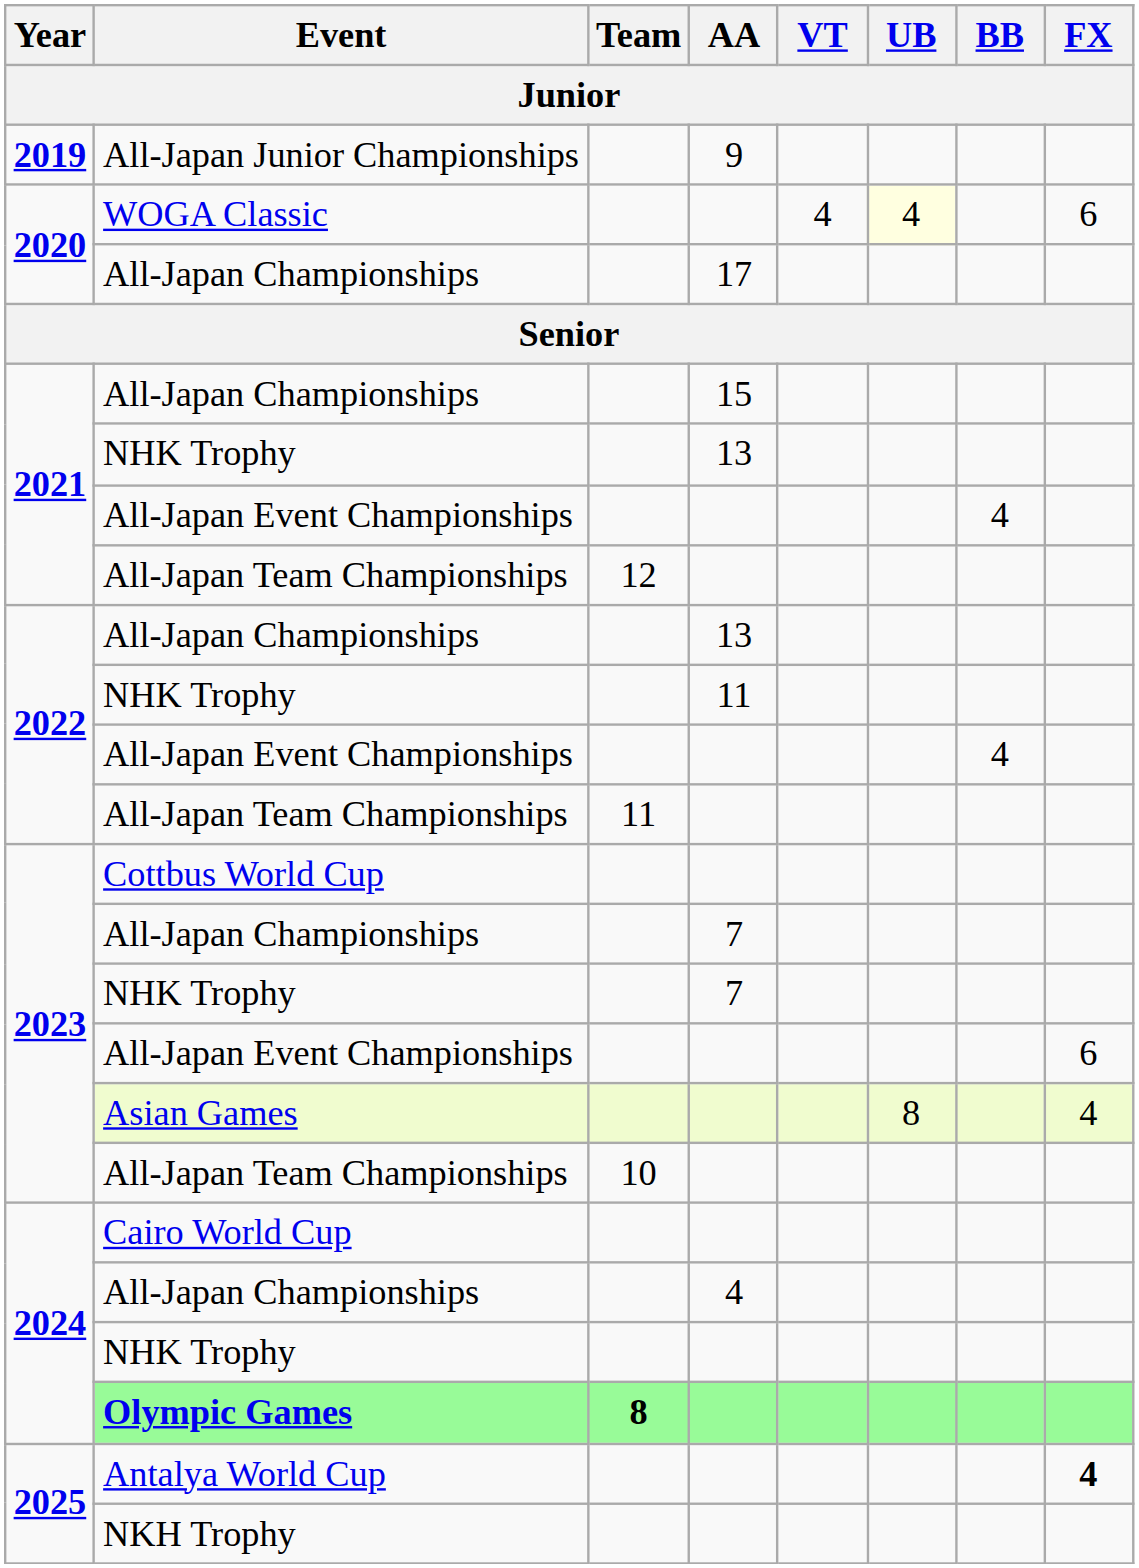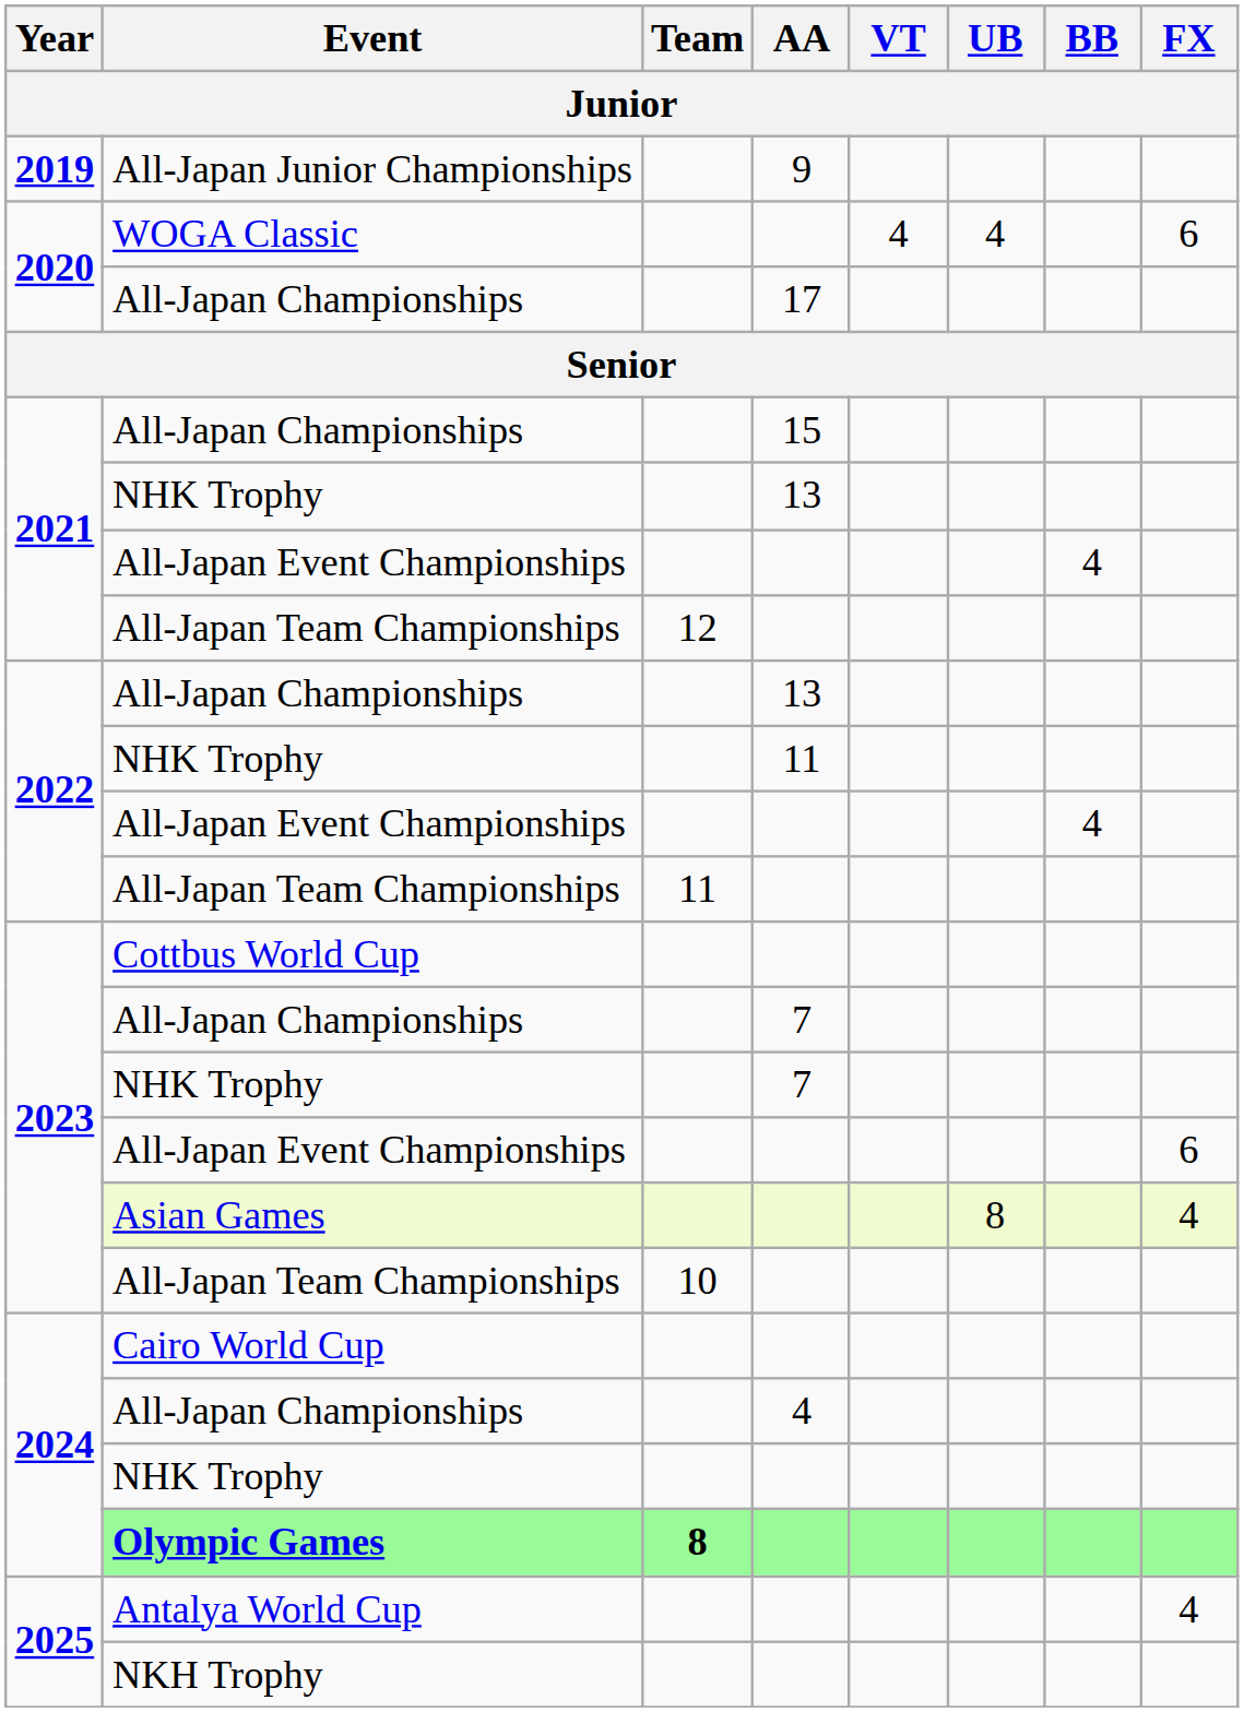 <table class="wikitable" style="text-align:center; font-size:95%;">
 <tr>
 <th align=center>Year</th>
 <th align=center>Event</th>
 <th style="width:30px;">Team</th>
 <th style="width:30px;">AA</th>
 <th style="width:30px;"><a href='#'>VT</a></th>
 <th style="width:30px;"><a href='#'>UB</a></th>
 <th style="width:30px;"><a href='#'>BB</a></th>
 <th style="width:30px;"><a href='#'>FX</a></th>
 </tr>
 <tr>
 <th colspan="8"><strong>Junior</strong></th>
 </tr>
 <tr>
 <td rowspan="1"><strong><a href='#'>2019</a></strong></td>
 <td align=left>All-Japan Junior Championships</td>
 <td></td>
 <td>9</td>
 <td></td>
 <td></td>
 <td></td>
 <td></td>
 </tr>
 <tr>
 <td rowspan="2"><strong><a href='#'>2020</a></strong></td>
 <td align=left><a href='#'>WOGA Classic</a></td>
 <td></td>
 <td></td>
 <td>4</td>
-<td style="background: lightyellow;">4</td>
+<td>4</td>
 <td></td>
 <td>6</td>
 </tr>
 <tr>
 <td align=left>All-Japan Championships</td>
 <td></td>
 <td>17</td>
 <td></td>
 <td></td>
 <td></td>
 <td></td>
 </tr>
 <tr>
 <th colspan="8"><strong>Senior</strong></th>
 </tr>
 <tr>
 <td rowspan="4"><strong><a href='#'>2021</a></strong></td>
 <td align=left>All-Japan Championships</td>
 <td></td>
 <td>15</td>
 <td></td>
 <td></td>
 <td></td>
 <td></td>
 </tr>
 <tr>
 <td align=left>NHK Trophy</td>
 <td></td>
 <td>13</td>
 <td></td>
 <td></td>
 <td></td>
 <td></td>
 </tr>
 <tr>
 <td align=left>All-Japan Event Championships</td>
 <td></td>
 <td></td>
 <td></td>
 <td></td>
 <td>4</td>
 <td></td>
 </tr>
 <tr>
 <td align=left>All-Japan Team Championships</td>
 <td>12</td>
 <td></td>
 <td></td>
 <td></td>
 <td></td>
 <td></td>
 </tr>
 <tr>
 <td rowspan="4"><strong><a href='#'>2022</a></strong></td>
 <td align=left>All-Japan Championships</td>
 <td></td>
 <td>13</td>
 <td></td>
 <td></td>
 <td></td>
 <td></td>
 </tr>
 <tr>
 <td align=left>NHK Trophy</td>
 <td></td>
 <td>11</td>
 <td></td>
 <td></td>
 <td></td>
 <td></td>
 </tr>
 <tr>
 <td align=left>All-Japan Event Championships</td>
 <td></td>
 <td></td>
 <td></td>
 <td></td>
 <td>4</td>
 <td></td>
 </tr>
 <tr>
 <td align=left>All-Japan Team Championships</td>
 <td>11</td>
 <td></td>
 <td></td>
 <td></td>
 <td></td>
 <td></td>
 </tr>
 <tr>
 <td rowspan="6"><strong><a href='#'>2023</a></strong></td>
 <td align=left><a href='#'>Cottbus World Cup</a></td>
 <td></td>
 <td></td>
 <td></td>
 <td></td>
 <td></td>
 <td></td>
 </tr>
 <tr>
 <td align=left>All-Japan Championships</td>
 <td></td>
 <td>7</td>
 <td></td>
 <td></td>
 <td></td>
 <td></td>
 </tr>
 <tr>
 <td align=left>NHK Trophy</td>
 <td></td>
 <td>7</td>
 <td></td>
 <td></td>
 <td></td>
 <td></td>
 </tr>
 <tr>
 <td align=left>All-Japan Event Championships</td>
 <td></td>
 <td></td>
 <td></td>
 <td></td>
 <td></td>
 <td>6</td>
 </tr>
 <tr bgcolor=#f0fccf>
 <td align=left><a href='#'>Asian Games</a></td>
 <td></td>
 <td></td>
 <td></td>
 <td>8</td>
 <td></td>
 <td>4</td>
 </tr>
 <tr>
 <td align=left>All-Japan Team Championships</td>
 <td>10</td>
 <td></td>
 <td></td>
 <td></td>
 <td></td>
 <td></td>
 </tr>
 <tr>
 <td rowspan="4"><strong><a href='#'>2024</a></strong></td>
 <td align=left><a href='#'>Cairo World Cup</a></td>
 <td></td>
 <td></td>
 <td></td>
 <td></td>
 <td></td>
 <td></td>
 </tr>
 <tr>
 <td align=left>All-Japan Championships</td>
 <td></td>
 <td>4</td>
 <td></td>
 <td></td>
 <td></td>
 <td></td>
 </tr>
 <tr>
 <td align=left>NHK Trophy</td>
 <td></td>
 <td></td>
 <td></td>
 <td></td>
 <td></td>
 <td></td>
 </tr>
 <tr bgcolor=98FB98>
 <td align=left><strong><a href='#'>Olympic Games</a></strong></td>
 <td><strong>8</strong></td>
 <td></td>
 <td></td>
 <td></td>
 <td></td>
 <td></td>
 </tr>
 <tr>
 <td rowspan="2"><strong><a href='#'>2025</a></strong></td>
 <td align=left><a href='#'>Antalya World Cup</a></td>
 <td></td>
 <td></td>
 <td></td>
 <td></td>
 <td></td>
-<td><strong>4</strong></td>
+<td>4</td>
 </tr>
 <tr>
 <td align=left>NKH Trophy</td>
 <td></td>
 <td></td>
 <td></td>
 <td></td>
 <td></td>
 <td></td>
 </tr>
 </table>
